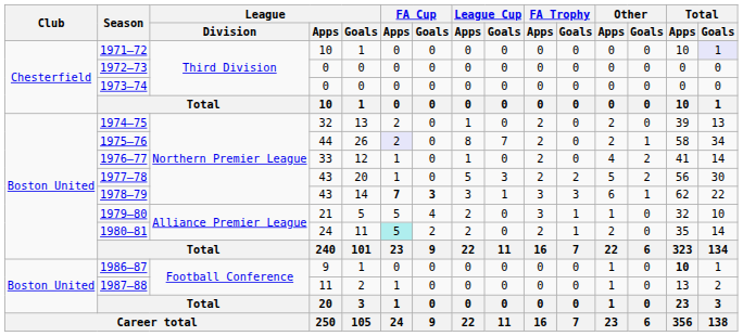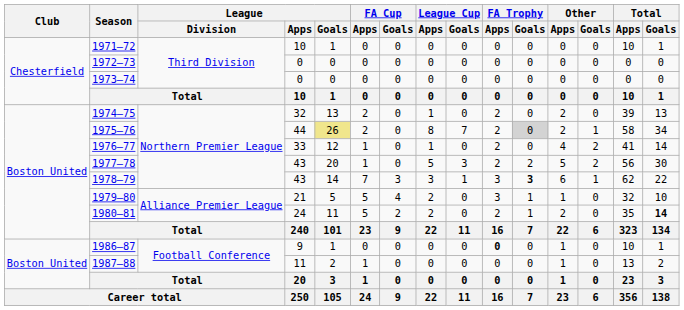 <table class="wikitable" style="text-align: center">
 <tr>
 <th rowspan="2">Club</th>
 <th rowspan="2">Season</th>
 <th colspan="3">League</th>
 <th colspan="2"><a href='#'>FA Cup</a></th>
 <th colspan="2"><a href='#'>League Cup</a></th>
 <th colspan="2"><a href='#'>FA Trophy</a></th>
 <th colspan="2">Other</th>
 <th colspan="2">Total</th>
 </tr>
 <tr>
 <th>Division</th>
 <th>Apps</th>
 <th>Goals</th>
 <th>Apps</th>
 <th>Goals</th>
 <th>Apps</th>
 <th>Goals</th>
 <th>Apps</th>
 <th>Goals</th>
 <th>Apps</th>
 <th>Goals</th>
 <th>Apps</th>
 <th>Goals</th>
 </tr>
 <tr>
 <td rowspan="4"><a href='#'>Chesterfield</a></td>
 <td><a href='#'>1971–72</a></td>
 <td rowspan="3"><a href='#'>Third Division</a></td>
 <td>10</td>
 <td>1</td>
 <td>0</td>
 <td>0</td>
 <td>0</td>
 <td>0</td>
 <td>0</td>
 <td>0</td>
 <td>0</td>
 <td>0</td>
 <td>10</td>
-<td style="background: lavender;">1</td>
+<td>1</td>
 </tr>
 <tr>
 <td><a href='#'>1972–73</a></td>
 <td>0</td>
 <td>0</td>
 <td>0</td>
 <td>0</td>
 <td>0</td>
 <td>0</td>
 <td>0</td>
 <td>0</td>
 <td>0</td>
 <td>0</td>
 <td>0</td>
 <td>0</td>
 </tr>
 <tr>
 <td><a href='#'>1973–74</a></td>
 <td>0</td>
 <td>0</td>
 <td>0</td>
 <td>0</td>
 <td>0</td>
 <td>0</td>
 <td>0</td>
 <td>0</td>
 <td>0</td>
 <td>0</td>
 <td>0</td>
 <td>0</td>
 </tr>
 <tr>
 <th colspan="2"><strong>Total</strong></th>
 <th>10</th>
 <th>1</th>
 <th>0</th>
 <th>0</th>
 <th>0</th>
 <th>0</th>
 <th>0</th>
 <th>0</th>
 <th>0</th>
 <th>0</th>
 <th>10</th>
 <th>1</th>
 </tr>
 <tr>
 <td rowspan="8"><a href='#'>Boston United</a></td>
 <td><a href='#'>1974–75</a></td>
 <td rowspan="5"><a href='#'>Northern Premier League</a></td>
 <td>32</td>
 <td>13</td>
 <td>2</td>
 <td>0</td>
 <td>1</td>
 <td>0</td>
 <td>2</td>
 <td>0</td>
 <td>2</td>
 <td>0</td>
 <td>39</td>
 <td>13</td>
 </tr>
 <tr>
 <td><a href='#'>1975–76</a></td>
 <td>44</td>
-<td>26</td>
-<td style="background: lavender;">2</td>
+<td style="background: khaki;">26</td>
+<td>2</td>
 <td>0</td>
 <td>8</td>
 <td>7</td>
 <td>2</td>
-<td>0</td>
+<td style="background: lightgrey;">0</td>
 <td>2</td>
 <td>1</td>
 <td>58</td>
 <td>34</td>
 </tr>
 <tr>
 <td><a href='#'>1976–77</a></td>
 <td>33</td>
 <td>12</td>
 <td>1</td>
 <td>0</td>
 <td>1</td>
 <td>0</td>
 <td>2</td>
 <td>0</td>
 <td>4</td>
 <td>2</td>
 <td>41</td>
 <td>14</td>
 </tr>
 <tr>
 <td><a href='#'>1977–78</a></td>
 <td>43</td>
 <td>20</td>
 <td>1</td>
 <td>0</td>
 <td>5</td>
 <td>3</td>
 <td>2</td>
 <td>2</td>
 <td>5</td>
 <td>2</td>
 <td>56</td>
 <td>30</td>
 </tr>
 <tr>
 <td><a href='#'>1978–79</a></td>
 <td>43</td>
 <td>14</td>
-<td><strong>7</strong></td>
-<td><strong>3</strong></td>
+<td>7</td>
+<td>3</td>
 <td>3</td>
 <td>1</td>
 <td>3</td>
-<td>3</td>
+<td><strong>3</strong></td>
 <td>6</td>
 <td>1</td>
 <td>62</td>
 <td>22</td>
 </tr>
 <tr>
 <td><a href='#'>1979–80</a></td>
 <td rowspan="2"><a href='#'>Alliance Premier League</a></td>
 <td>21</td>
 <td>5</td>
 <td>5</td>
 <td>4</td>
 <td>2</td>
 <td>0</td>
 <td>3</td>
 <td>1</td>
 <td>1</td>
 <td>0</td>
 <td>32</td>
 <td>10</td>
 </tr>
 <tr>
 <td><a href='#'>1980–81</a></td>
 <td>24</td>
 <td>11</td>
-<td style="background: paleturquoise;">5</td>
+<td>5</td>
 <td>2</td>
 <td>2</td>
 <td>0</td>
 <td>2</td>
 <td>1</td>
 <td>2</td>
 <td>0</td>
 <td>35</td>
-<td>14</td>
+<td><strong>14</strong></td>
 </tr>
 <tr>
 <th colspan="2"><strong>Total</strong></th>
 <th>240</th>
 <th>101</th>
 <th>23</th>
 <th>9</th>
 <th>22</th>
 <th>11</th>
 <th>16</th>
 <th>7</th>
 <th>22</th>
 <th>6</th>
 <th>323</th>
 <th>134</th>
 </tr>
 <tr>
 <td rowspan="3"><a href='#'>Boston United</a></td>
 <td><a href='#'>1986–87</a></td>
 <td rowspan="2"><a href='#'>Football Conference</a></td>
 <td>9</td>
 <td>1</td>
 <td>0</td>
 <td>0</td>
 <td>0</td>
 <td>0</td>
-<td>0</td>
+<td><strong>0</strong></td>
 <td>0</td>
 <td>1</td>
 <td>0</td>
-<td><strong>10</strong></td>
+<td>10</td>
 <td>1</td>
 </tr>
 <tr>
 <td><a href='#'>1987–88</a></td>
 <td>11</td>
 <td>2</td>
 <td>1</td>
 <td>0</td>
 <td>0</td>
 <td>0</td>
 <td>0</td>
 <td>0</td>
 <td>1</td>
 <td>0</td>
 <td>13</td>
 <td>2</td>
 </tr>
 <tr>
 <th colspan="2"><strong>Total</strong></th>
 <th>20</th>
 <th>3</th>
 <th>1</th>
 <th>0</th>
 <th>0</th>
 <th>0</th>
 <th>0</th>
 <th>0</th>
 <th>1</th>
 <th>0</th>
 <th>23</th>
 <th>3</th>
 </tr>
 <tr>
 <th colspan="3">Career total</th>
 <th>250</th>
 <th>105</th>
 <th>24</th>
 <th>9</th>
 <th>22</th>
 <th>11</th>
 <th>16</th>
 <th>7</th>
 <th>23</th>
 <th>6</th>
 <th>356</th>
 <th>138</th>
 </tr>
 </table>
